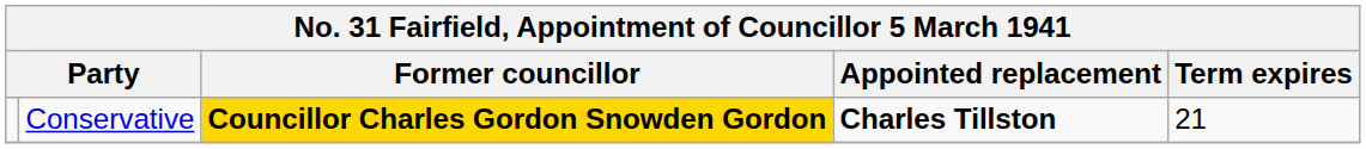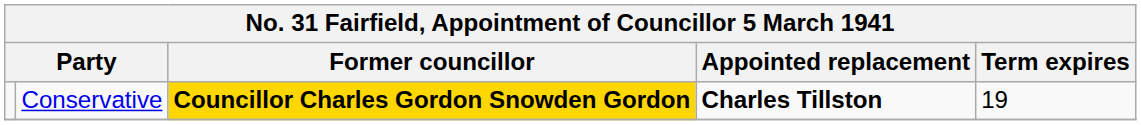 <table class="wikitable">
 <tr>
 <th colspan="5"><strong>No. 31 Fairfield, Appointment of Councillor 5 March 1941</strong></th>
 </tr>
 <tr>
 <th colspan="2">Party</th>
 <th>Former councillor</th>
 <th>Appointed replacement</th>
 <th>Term expires</th>
 </tr>
 <tr>
 <td style="background-color:"></td>
 <td><a href='#'>Conservative</a></td>
 <td style="background: gold;"><strong>Councillor Charles Gordon Snowden Gordon</strong></td>
 <td><strong>Charles Tillston</strong></td>
-<td>21</td>
+<td>19</td>
 </tr>
 <tr>
 </tr>
 </table>
